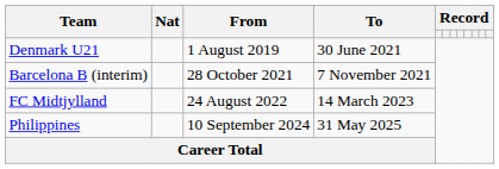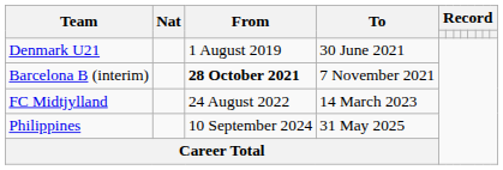 <table class="wikitable" style="text-align: center">
 <tr>
 <th rowspan="2">Team</th>
 <th rowspan="2">Nat</th>
 <th rowspan="2">From</th>
 <th rowspan="2">To</th>
 <th colspan="8">Record</th>
 </tr>
 <tr>
 <th></th>
 <th></th>
 <th></th>
 <th></th>
 <th></th>
 <th></th>
 <th></th>
 <th></th>
 </tr>
 <tr>
 <td align="left"><a href='#'>Denmark U21</a></td>
 <td></td>
 <td align=left>1 August 2019</td>
 <td align=left>30 June 2021<br></td>
 </tr>
 <tr>
 <td align="left"><a href='#'>Barcelona B</a> (interim)</td>
 <td></td>
-<td align=left>28 October 2021</td>
+<td align=left><strong>28 October 2021</strong></td>
 <td align=left>7 November 2021<br></td>
 </tr>
 <tr>
 <td align="left"><a href='#'>FC Midtjylland</a></td>
 <td></td>
 <td align=left>24 August 2022</td>
 <td align=left>14 March 2023<br></td>
 </tr>
 <tr>
 <td align="left"><a href='#'>Philippines</a></td>
 <td></td>
 <td align=left>10 September 2024</td>
 <td align=left>31 May 2025<br></td>
 </tr>
 <tr>
 <th colspan=4>Career Total<br></th>
 </tr>
 </table>
